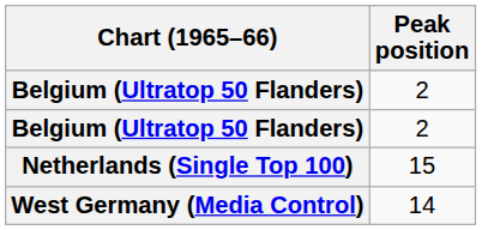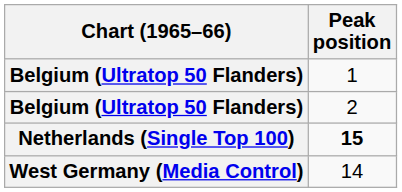 <table class="wikitable plainrowheaders" style="text-align:center">
 <tr>
 <th scope="col">Chart (1965–66)</th>
 <th scope="col">Peak<br>position</th>
 </tr>
 <tr>
 <th scope="row">Belgium (<a href='#'>Ultratop 50</a> Flanders)</th>
-<td>2</td>
+<td>1</td>
 </tr>
 <tr>
 <th scope="row">Belgium (<a href='#'>Ultratop 50</a> Flanders)</th>
 <td>2</td>
 </tr>
 <tr>
 <th scope="row">Netherlands (<a href='#'>Single Top 100</a>)</th>
-<td>15</td>
+<td><strong>15</strong></td>
 </tr>
 <tr>
 <th scope="row">West Germany (<a href='#'>Media Control</a>)</th>
 <td>14</td>
 </tr>
 </table>
